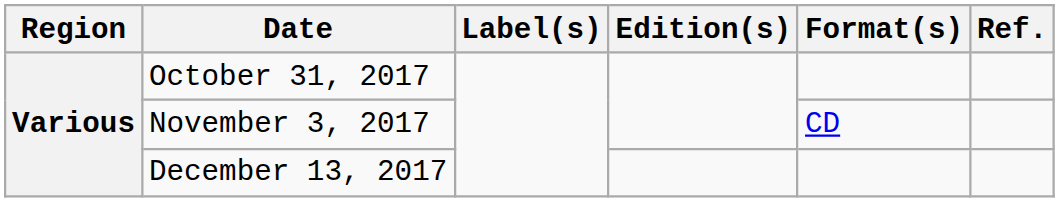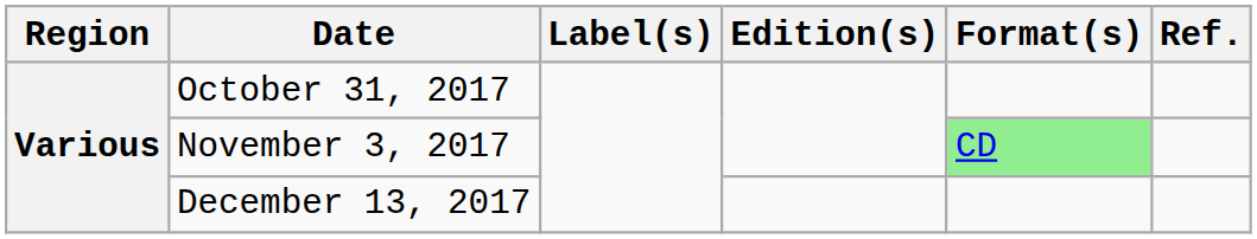 <table class="wikitable plainrowheaders">
 <tr>
 <th scope="col">Region</th>
 <th scope="col">Date</th>
 <th scope="col">Label(s)</th>
 <th scope="col">Edition(s)</th>
 <th scope="col">Format(s)</th>
 <th scope="col">Ref.</th>
 </tr>
 <tr>
 <th scope="row" rowspan="3">Various</th>
 <td>October 31, 2017</td>
 <td rowspan="3"></td>
 <td rowspan="2"></td>
 <td></td>
 <td></td>
 </tr>
 <tr>
 <td>November 3, 2017</td>
-<td><a href='#'>CD</a></td>
+<td style="background: lightgreen;"><a href='#'>CD</a></td>
 <td></td>
 </tr>
 <tr>
 <td>December 13, 2017</td>
 <td></td>
 <td rowspan="1"></td>
 <td></td>
 </tr>
 </table>
